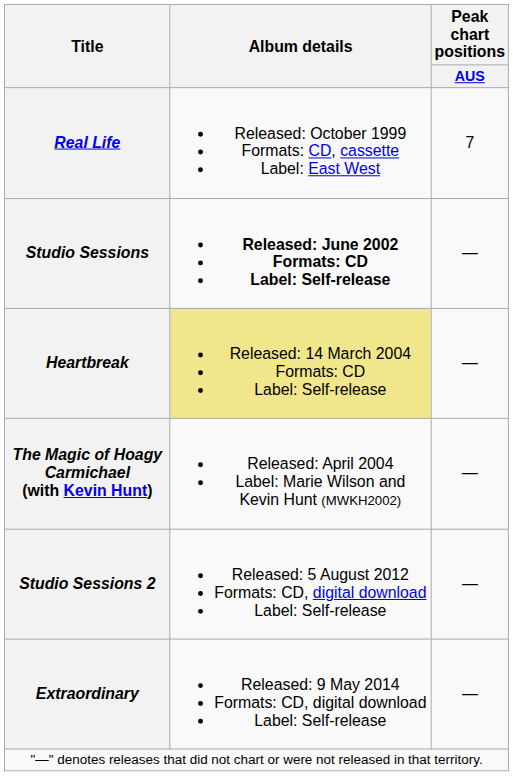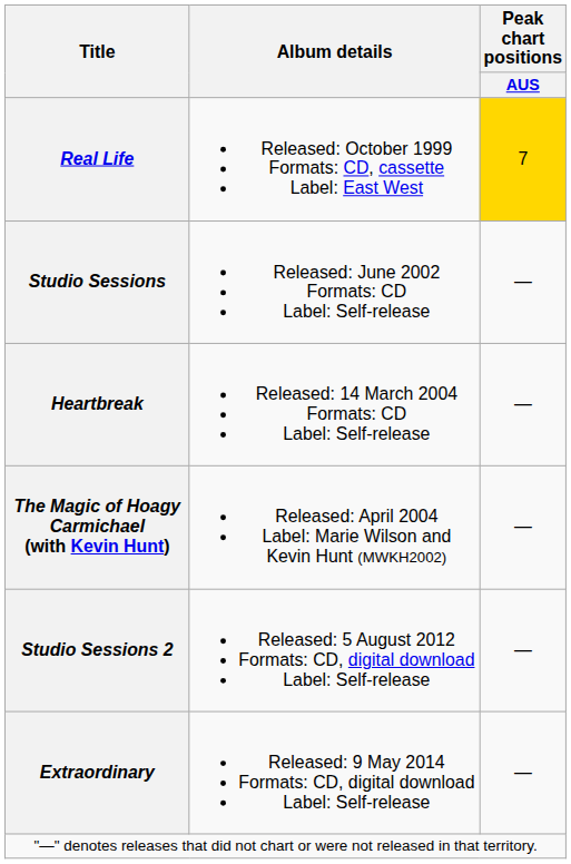 <table class="wikitable plainrowheaders" style="text-align:center;">
 <tr>
 <th scope="col" rowspan="2" style="width:10em;">Title</th>
 <th scope="col" rowspan="2" style="width:16em;">Album details</th>
 <th scope="col" colspan="1">Peak<br>chart<br>positions</th>
 </tr>
 <tr>
 <th scope="col" style="width:2.5em;font-size:90%;"><a href='#'>AUS</a><br></th>
 </tr>
 <tr>
 <th scope="row"><em><a href='#'>Real Life</a></em></th>
 <td><br><ul><li>Released: October 1999</li><li>Formats: <a href='#'>CD</a>, <a href='#'>cassette</a></li><li>Label: <a href='#'>East West</a></li></ul></td>
-<td>7</td>
+<td style="background: gold;">7</td>
 </tr>
 <tr>
 <th scope="row"><em>Studio Sessions</em></th>
-<td><strong><br><ul><li>Released: June 2002</li><li>Formats: CD</li><li>Label: Self-release</li></ul></strong></td>
+<td><br><ul><li>Released: June 2002</li><li>Formats: CD</li><li>Label: Self-release</li></ul></td>
 <td>—</td>
 </tr>
 <tr>
 <th scope="row"><em>Heartbreak</em></th>
-<td style="background: khaki;"><br><ul><li>Released: 14 March 2004</li><li>Formats: CD</li><li>Label: Self-release</li></ul></td>
+<td><br><ul><li>Released: 14 March 2004</li><li>Formats: CD</li><li>Label: Self-release</li></ul></td>
 <td>—</td>
 </tr>
 <tr>
 <th scope="row"><em>The Magic of Hoagy Carmichael</em> <br> (with <a href='#'>Kevin Hunt</a>)</th>
 <td><br><ul><li>Released: April 2004</li><li>Label: Marie Wilson and Kevin Hunt <small>(MWKH2002)</small></li></ul></td>
 <td>—</td>
 </tr>
 <tr>
 <th scope="row"><em>Studio Sessions 2</em></th>
 <td><br><ul><li>Released: 5 August 2012</li><li>Formats: CD, <a href='#'>digital download</a></li><li>Label: Self-release</li></ul></td>
 <td>—</td>
 </tr>
 <tr>
 <th scope="row"><em>Extraordinary</em></th>
 <td><br><ul><li>Released: 9 May 2014</li><li>Formats: CD, digital download</li><li>Label: Self-release</li></ul></td>
 <td>—</td>
 </tr>
 <tr>
 <td align="center" colspan="15" style="font-size:85%">"—" denotes releases that did not chart or were not released in that territory.</td>
 </tr>
 </table>
